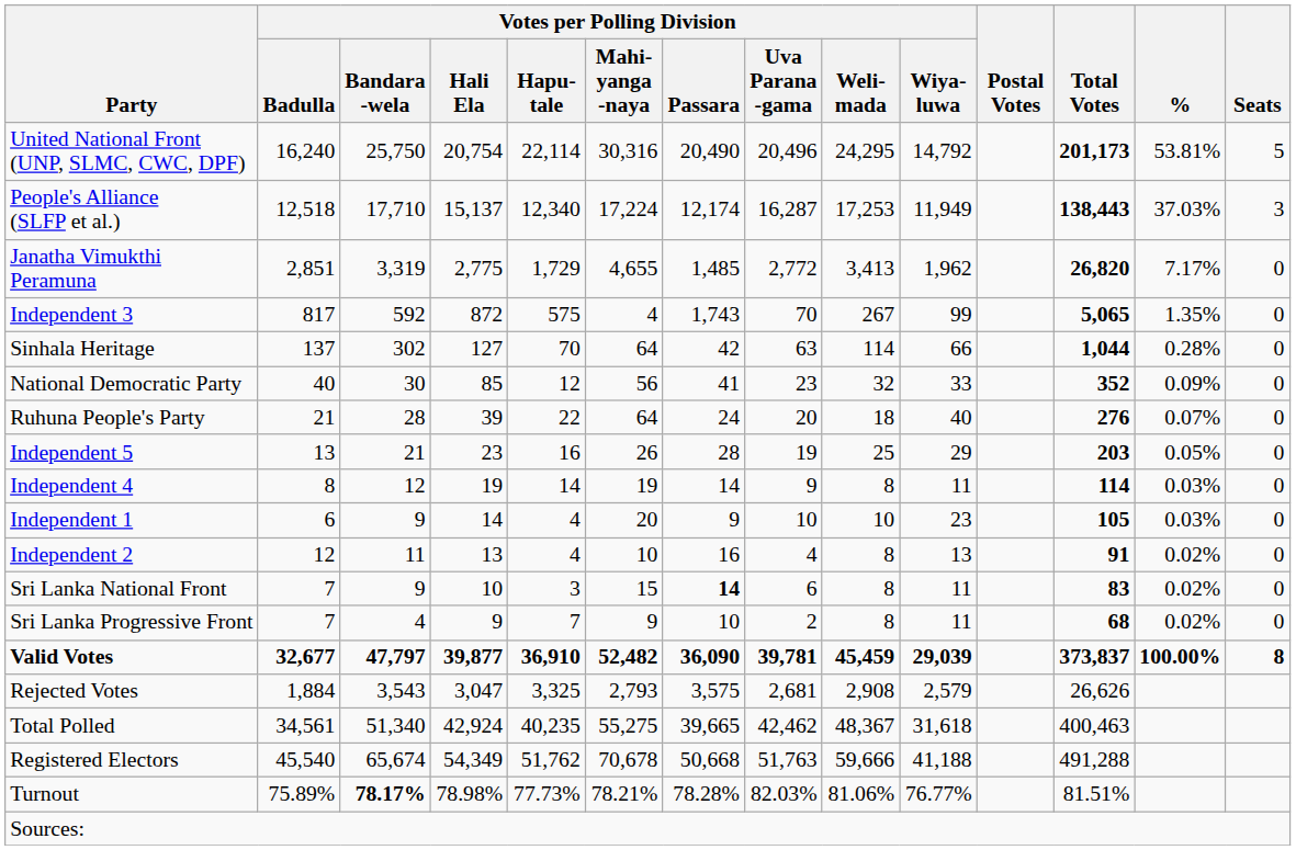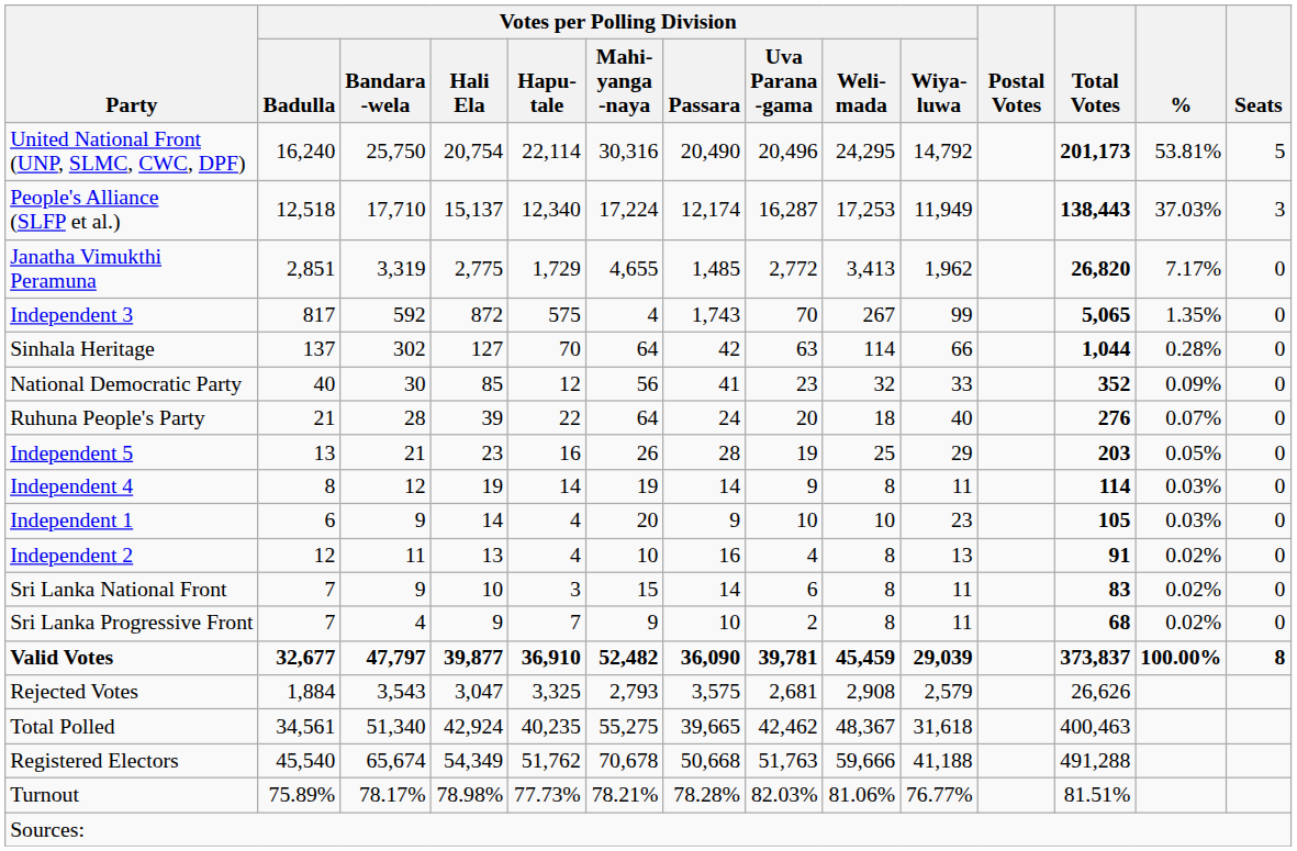 <table class="wikitable" border="1" style="text-align:right;">
 <tr>
 <th align=left valign=bottom rowspan=2 width="180">Party</th>
 <th colspan=9>Votes per Polling Division</th>
 <th align=center valign=bottom rowspan=2 width="50">Postal<br>Votes</th>
 <th align=center valign=bottom rowspan=2 width="50">Total Votes</th>
 <th align=center valign=bottom rowspan=2 width="50">%</th>
 <th align=center valign=bottom rowspan=2 width="40">Seats</th>
 </tr>
 <tr>
 <th align=center valign=bottom width="50">Badulla</th>
 <th align=center valign=bottom width="50">Bandara<br>-wela</th>
 <th align=center valign=bottom width="50">Hali<br>Ela</th>
 <th !align=center valign=bottom width="50">Hapu-<br>tale</th>
 <th align=center valign=bottom width="50">Mahi-<br>yanga<br>-naya</th>
 <th align=center valign=bottom width="50">Passara</th>
 <th align=center valign=bottom width="50">Uva<br>Parana<br>-gama</th>
 <th align=center valign=bottom width="50">Weli-<br>mada</th>
 <th align=center valign=bottom width="50">Wiya-<br>luwa</th>
 </tr>
 <tr>
 <td align=left><a href='#'>United National Front</a><br>(<a href='#'>UNP</a>, <a href='#'>SLMC</a>, <a href='#'>CWC</a>, <a href='#'>DPF</a>)</td>
 <td>16,240</td>
 <td>25,750</td>
 <td>20,754</td>
 <td>22,114</td>
 <td>30,316</td>
 <td>20,490</td>
 <td>20,496</td>
 <td>24,295</td>
 <td>14,792</td>
 <td></td>
 <td><strong>201,173</strong></td>
 <td>53.81%</td>
 <td>5</td>
 </tr>
 <tr>
 <td align=left><a href='#'>People's Alliance</a><br>(<a href='#'>SLFP</a> et al.)</td>
 <td>12,518</td>
 <td>17,710</td>
 <td>15,137</td>
 <td>12,340</td>
 <td>17,224</td>
 <td>12,174</td>
 <td>16,287</td>
 <td>17,253</td>
 <td>11,949</td>
 <td></td>
 <td><strong>138,443</strong></td>
 <td>37.03%</td>
 <td>3</td>
 </tr>
 <tr>
 <td align=left><a href='#'>Janatha Vimukthi Peramuna</a></td>
 <td>2,851</td>
 <td>3,319</td>
 <td>2,775</td>
 <td>1,729</td>
 <td>4,655</td>
 <td>1,485</td>
 <td>2,772</td>
 <td>3,413</td>
 <td>1,962</td>
 <td></td>
 <td><strong>26,820</strong></td>
 <td>7.17%</td>
 <td>0</td>
 </tr>
 <tr>
 <td align=left><a href='#'>Independent 3</a></td>
 <td>817</td>
 <td>592</td>
 <td>872</td>
 <td>575</td>
 <td>4</td>
 <td>1,743</td>
 <td>70</td>
 <td>267</td>
 <td>99</td>
 <td></td>
 <td><strong>5,065</strong></td>
 <td>1.35%</td>
 <td>0</td>
 </tr>
 <tr>
 <td align=left>Sinhala Heritage</td>
 <td>137</td>
 <td>302</td>
 <td>127</td>
 <td>70</td>
 <td>64</td>
 <td>42</td>
 <td>63</td>
 <td>114</td>
 <td>66</td>
 <td></td>
 <td><strong>1,044</strong></td>
 <td>0.28%</td>
 <td>0</td>
 </tr>
 <tr>
 <td align=left>National Democratic Party</td>
 <td>40</td>
 <td>30</td>
 <td>85</td>
 <td>12</td>
 <td>56</td>
 <td>41</td>
 <td>23</td>
 <td>32</td>
 <td>33</td>
 <td></td>
 <td><strong>352</strong></td>
 <td>0.09%</td>
 <td>0</td>
 </tr>
 <tr>
 <td align=left>Ruhuna People's Party</td>
 <td>21</td>
 <td>28</td>
 <td>39</td>
 <td>22</td>
 <td>64</td>
 <td>24</td>
 <td>20</td>
 <td>18</td>
 <td>40</td>
 <td></td>
 <td><strong>276</strong></td>
 <td>0.07%</td>
 <td>0</td>
 </tr>
 <tr>
 <td align=left><a href='#'>Independent 5</a></td>
 <td>13</td>
 <td>21</td>
 <td>23</td>
 <td>16</td>
 <td>26</td>
 <td>28</td>
 <td>19</td>
 <td>25</td>
 <td>29</td>
 <td></td>
 <td><strong>203</strong></td>
 <td>0.05%</td>
 <td>0</td>
 </tr>
 <tr>
 <td align=left><a href='#'>Independent 4</a></td>
 <td>8</td>
 <td>12</td>
 <td>19</td>
 <td>14</td>
 <td>19</td>
 <td>14</td>
 <td>9</td>
 <td>8</td>
 <td>11</td>
 <td></td>
 <td><strong>114</strong></td>
 <td>0.03%</td>
 <td>0</td>
 </tr>
 <tr>
 <td align=left><a href='#'>Independent 1</a></td>
 <td>6</td>
 <td>9</td>
 <td>14</td>
 <td>4</td>
 <td>20</td>
 <td>9</td>
 <td>10</td>
 <td>10</td>
 <td>23</td>
 <td></td>
 <td><strong>105</strong></td>
 <td>0.03%</td>
 <td>0</td>
 </tr>
 <tr>
 <td align=left><a href='#'>Independent 2</a></td>
 <td>12</td>
 <td>11</td>
 <td>13</td>
 <td>4</td>
 <td>10</td>
 <td>16</td>
 <td>4</td>
 <td>8</td>
 <td>13</td>
 <td></td>
 <td><strong>91</strong></td>
 <td>0.02%</td>
 <td>0</td>
 </tr>
 <tr>
 <td align=left>Sri Lanka National Front</td>
 <td>7</td>
 <td>9</td>
 <td>10</td>
 <td>3</td>
 <td>15</td>
-<td><strong>14</strong></td>
+<td>14</td>
 <td>6</td>
 <td>8</td>
 <td>11</td>
 <td></td>
 <td><strong>83</strong></td>
 <td>0.02%</td>
 <td>0</td>
 </tr>
 <tr>
 <td align=left>Sri Lanka Progressive Front</td>
 <td>7</td>
 <td>4</td>
 <td>9</td>
 <td>7</td>
 <td>9</td>
 <td>10</td>
 <td>2</td>
 <td>8</td>
 <td>11</td>
 <td></td>
 <td><strong>68</strong></td>
 <td>0.02%</td>
 <td>0</td>
 </tr>
 <tr>
 <td align=left><strong>Valid Votes</strong></td>
 <td><strong>32,677</strong></td>
 <td><strong>47,797</strong></td>
 <td><strong>39,877</strong></td>
 <td><strong>36,910</strong></td>
 <td><strong>52,482</strong></td>
 <td><strong>36,090</strong></td>
 <td><strong>39,781</strong></td>
 <td><strong>45,459</strong></td>
 <td><strong>29,039</strong></td>
 <td></td>
 <td><strong>373,837</strong></td>
 <td><strong>100.00%</strong></td>
 <td><strong>8</strong></td>
 </tr>
 <tr>
 <td align=left>Rejected Votes</td>
 <td>1,884</td>
 <td>3,543</td>
 <td>3,047</td>
 <td>3,325</td>
 <td>2,793</td>
 <td>3,575</td>
 <td>2,681</td>
 <td>2,908</td>
 <td>2,579</td>
 <td></td>
 <td>26,626</td>
 <td></td>
 <td></td>
 </tr>
 <tr>
 <td align=left>Total Polled</td>
 <td>34,561</td>
 <td>51,340</td>
 <td>42,924</td>
 <td>40,235</td>
 <td>55,275</td>
 <td>39,665</td>
 <td>42,462</td>
 <td>48,367</td>
 <td>31,618</td>
 <td></td>
 <td>400,463</td>
 <td></td>
 <td></td>
 </tr>
 <tr>
 <td align=left>Registered Electors</td>
 <td>45,540</td>
 <td>65,674</td>
 <td>54,349</td>
 <td>51,762</td>
 <td>70,678</td>
 <td>50,668</td>
 <td>51,763</td>
 <td>59,666</td>
 <td>41,188</td>
 <td></td>
 <td>491,288</td>
 <td></td>
 <td></td>
 </tr>
 <tr>
 <td align=left>Turnout</td>
 <td>75.89%</td>
-<td><strong>78.17%</strong></td>
+<td>78.17%</td>
 <td>78.98%</td>
 <td>77.73%</td>
 <td>78.21%</td>
 <td>78.28%</td>
 <td>82.03%</td>
 <td>81.06%</td>
 <td>76.77%</td>
 <td></td>
 <td>81.51%</td>
 <td></td>
 <td></td>
 </tr>
 <tr>
 <td align=left colspan=15>Sources:</td>
 </tr>
 </table>
